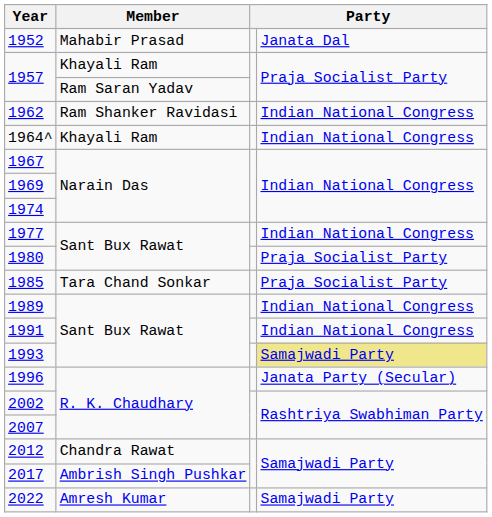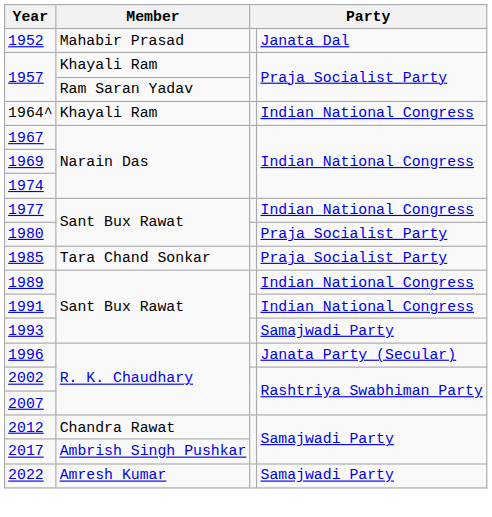 <table class="wikitable">
 <tr>
 <th>Year</th>
 <th>Member</th>
 <th colspan="2">Party</th>
 </tr>
 <tr>
 <td><a href='#'>1952</a></td>
 <td>Mahabir Prasad</td>
 <td style="background-color: "></td>
 <td><a href='#'>Janata Dal</a></td>
 </tr>
 <tr>
 <td rowspan="2"><a href='#'>1957</a></td>
 <td>Khayali Ram</td>
 <td rowspan="2" style="background-color: "></td>
 <td rowspan="2"><a href='#'>Praja Socialist Party</a></td>
 </tr>
 <tr>
 <td>Ram Saran Yadav</td>
-</tr>
-<tr>
-<td><a href='#'>1962</a></td>
-<td>Ram Shanker Ravidasi</td>
-<td style="background-color: "></td>
-<td><a href='#'>Indian National Congress</a></td>
 </tr>
 <tr>
 <td>1964^</td>
 <td>Khayali Ram</td>
 <td style="background-color: "></td>
 <td><a href='#'>Indian National Congress</a></td>
 </tr>
 <tr>
 <td><a href='#'>1967</a></td>
 <td rowspan="3">Narain Das</td>
 <td rowspan="3" style="background-color: "></td>
 <td rowspan="3"><a href='#'>Indian National Congress</a></td>
 </tr>
 <tr>
 <td><a href='#'>1969</a></td>
 </tr>
 <tr>
 <td><a href='#'>1974</a></td>
 </tr>
 <tr>
 <td><a href='#'>1977</a></td>
 <td rowspan="2">Sant Bux Rawat</td>
 <td style="background-color: "></td>
 <td><a href='#'>Indian National Congress</a></td>
 </tr>
 <tr>
 <td><a href='#'>1980</a></td>
 <td style="background-color: "></td>
 <td><a href='#'>Praja Socialist Party</a></td>
 </tr>
 <tr>
 <td><a href='#'>1985</a></td>
 <td>Tara Chand Sonkar</td>
 <td style="background-color: "></td>
 <td><a href='#'>Praja Socialist Party</a></td>
 </tr>
 <tr>
 <td><a href='#'>1989</a></td>
 <td rowspan="3">Sant Bux Rawat</td>
 <td style="background-color: "></td>
 <td><a href='#'>Indian National Congress</a></td>
 </tr>
 <tr>
 <td><a href='#'>1991</a></td>
 <td style="background-color: "></td>
 <td><a href='#'>Indian National Congress</a></td>
 </tr>
 <tr>
 <td><a href='#'>1993</a></td>
 <td style="background-color: "></td>
-<td style="background: khaki;"><a href='#'>Samajwadi Party</a></td>
+<td><a href='#'>Samajwadi Party</a></td>
 </tr>
 <tr>
 <td><a href='#'>1996</a></td>
 <td rowspan="3"><a href='#'>R. K. Chaudhary</a></td>
 <td style="background-color: "></td>
 <td><a href='#'>Janata Party (Secular)</a></td>
 </tr>
 <tr>
 <td><a href='#'>2002</a></td>
 <td rowspan="2" style="background-color: "></td>
 <td rowspan="2"><a href='#'>Rashtriya Swabhiman Party</a></td>
 </tr>
 <tr>
 <td><a href='#'>2007</a></td>
 </tr>
 <tr>
 <td><a href='#'>2012</a></td>
 <td>Chandra Rawat</td>
 <td rowspan="2" style="background-color: "></td>
 <td rowspan="2"><a href='#'>Samajwadi Party</a></td>
 </tr>
 <tr>
 <td><a href='#'>2017</a></td>
 <td><a href='#'>Ambrish Singh Pushkar</a></td>
 </tr>
 <tr>
 <td><a href='#'>2022</a></td>
 <td><a href='#'>Amresh Kumar</a></td>
 <td style="background-color: "></td>
 <td><a href='#'>Samajwadi Party</a></td>
 </tr>
 </table>
